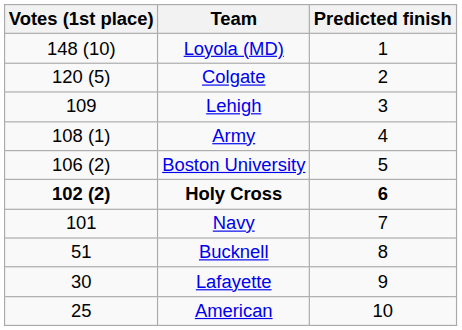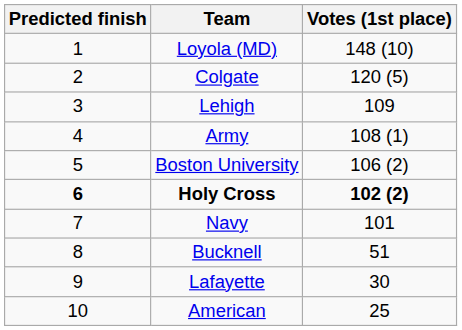 <table class="wikitable" border="1">
 <tr align=center>
+<th>Predicted finish</th>
+<th>Team</th>
 <th>Votes (1st place)</th>
-<th>Team</th>
-<th>Predicted finish</th>
 </tr>
 <tr align="center">
+<td>1</td>
+<td><a href='#'>Loyola (MD)</a></td>
 <td>148 (10)</td>
-<td><a href='#'>Loyola (MD)</a></td>
-<td>1</td>
 </tr>
 <tr align="center">
+<td>2</td>
+<td><a href='#'>Colgate</a></td>
 <td>120 (5)</td>
-<td><a href='#'>Colgate</a></td>
-<td>2</td>
 </tr>
 <tr align="center">
+<td>3</td>
+<td><a href='#'>Lehigh</a></td>
 <td>109</td>
-<td><a href='#'>Lehigh</a></td>
-<td>3</td>
 </tr>
 <tr align="center">
+<td>4</td>
+<td><a href='#'>Army</a></td>
 <td>108 (1)</td>
-<td><a href='#'>Army</a></td>
-<td>4</td>
 </tr>
 <tr align="center">
+<td>5</td>
+<td><a href='#'>Boston University</a></td>
 <td>106 (2)</td>
-<td><a href='#'>Boston University</a></td>
-<td>5</td>
 </tr>
 <tr align="center">
+<td><strong>6</strong></td>
+<td><strong>Holy Cross</strong></td>
 <td><strong>102 (2)</strong></td>
-<td><strong>Holy Cross</strong></td>
-<td><strong>6</strong></td>
 </tr>
 <tr align="center">
+<td>7</td>
+<td><a href='#'>Navy</a></td>
 <td>101</td>
-<td><a href='#'>Navy</a></td>
-<td>7</td>
 </tr>
 <tr align="center">
+<td>8</td>
+<td><a href='#'>Bucknell</a></td>
 <td>51</td>
-<td><a href='#'>Bucknell</a></td>
-<td>8</td>
 </tr>
 <tr align="center">
+<td>9</td>
+<td><a href='#'>Lafayette</a></td>
 <td>30</td>
-<td><a href='#'>Lafayette</a></td>
-<td>9</td>
 </tr>
 <tr align="center">
+<td>10</td>
+<td><a href='#'>American</a></td>
 <td>25</td>
-<td><a href='#'>American</a></td>
-<td>10</td>
 </tr>
 </table>
